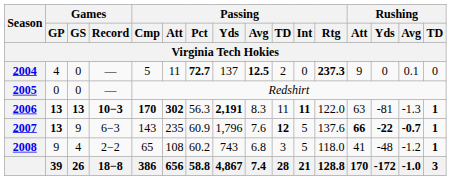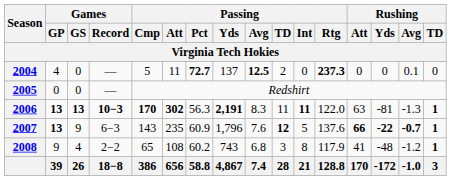 <table class="wikitable" style="text-align:center;">
 <tr>
 <th rowspan="2">Season</th>
 <th colspan="3">Games</th>
 <th colspan="8">Passing</th>
 <th colspan="5">Rushing</th>
 </tr>
 <tr>
 <th>GP</th>
 <th>GS</th>
 <th>Record</th>
 <th>Cmp</th>
 <th>Att</th>
 <th>Pct</th>
 <th>Yds</th>
 <th>Avg</th>
 <th>TD</th>
 <th>Int</th>
 <th>Rtg</th>
 <th>Att</th>
 <th>Yds</th>
 <th>Avg</th>
 <th>TD</th>
 </tr>
 <tr>
 <th colspan="16">Virginia Tech Hokies</th>
 </tr>
 <tr>
 <th><a href='#'>2004</a></th>
 <td>4</td>
 <td>0</td>
 <td>—</td>
 <td>5</td>
 <td>11</td>
 <td><strong>72.7</strong></td>
 <td>137</td>
 <td><strong>12.5</strong></td>
 <td>2</td>
 <td>0</td>
 <td><strong>237.3</strong></td>
-<td>9</td>
+<td>0</td>
 <td>0</td>
 <td>0.1</td>
 <td>0</td>
 </tr>
 <tr>
 <th><a href='#'>2005</a></th>
 <td>0</td>
 <td>0</td>
 <td>—</td>
 <td colspan="12"><em>Redshirt </em></td>
 </tr>
 <tr>
 <th><a href='#'>2006</a></th>
 <td><strong>13</strong></td>
 <td><strong>13</strong></td>
 <td><strong>10−3</strong></td>
 <td><strong>170</strong></td>
 <td><strong>302</strong></td>
 <td>56.3</td>
 <td><strong>2,191</strong></td>
 <td>8.3</td>
 <td>11</td>
 <td><strong>11</strong></td>
 <td>122.0</td>
 <td>63</td>
 <td>-81</td>
 <td>-1.3</td>
 <td><strong>1</strong></td>
 </tr>
 <tr>
 <th><a href='#'>2007</a></th>
 <td><strong>13</strong></td>
 <td>9</td>
 <td>6−3</td>
 <td>143</td>
 <td>235</td>
 <td>60.9</td>
 <td>1,796</td>
 <td>7.6</td>
 <td><strong>12</strong></td>
 <td>5</td>
 <td>137.6</td>
 <td><strong>66</strong></td>
 <td><strong>-22</strong></td>
 <td><strong>-0.7</strong></td>
 <td><strong>1</strong></td>
 </tr>
 <tr>
 <th><a href='#'>2008</a></th>
 <td>9</td>
 <td>4</td>
 <td>2−2</td>
 <td>65</td>
 <td>108</td>
 <td>60.2</td>
 <td>743</td>
 <td>6.8</td>
 <td>3</td>
-<td>5</td>
-<td>118.0</td>
+<td>8</td>
+<td>117.9</td>
 <td>41</td>
 <td>-48</td>
 <td>-1.2</td>
 <td><strong>1</strong></td>
 </tr>
 <tr>
 <th></th>
 <th>39</th>
 <th>26</th>
 <th>18−8</th>
 <th>386</th>
 <th>656</th>
 <th>58.8</th>
 <th>4,867</th>
 <th>7.4</th>
 <th>28</th>
 <th>21</th>
 <th>128.8</th>
 <th>170</th>
 <th>-172</th>
 <th>-1.0</th>
 <th>3</th>
 </tr>
 </table>
